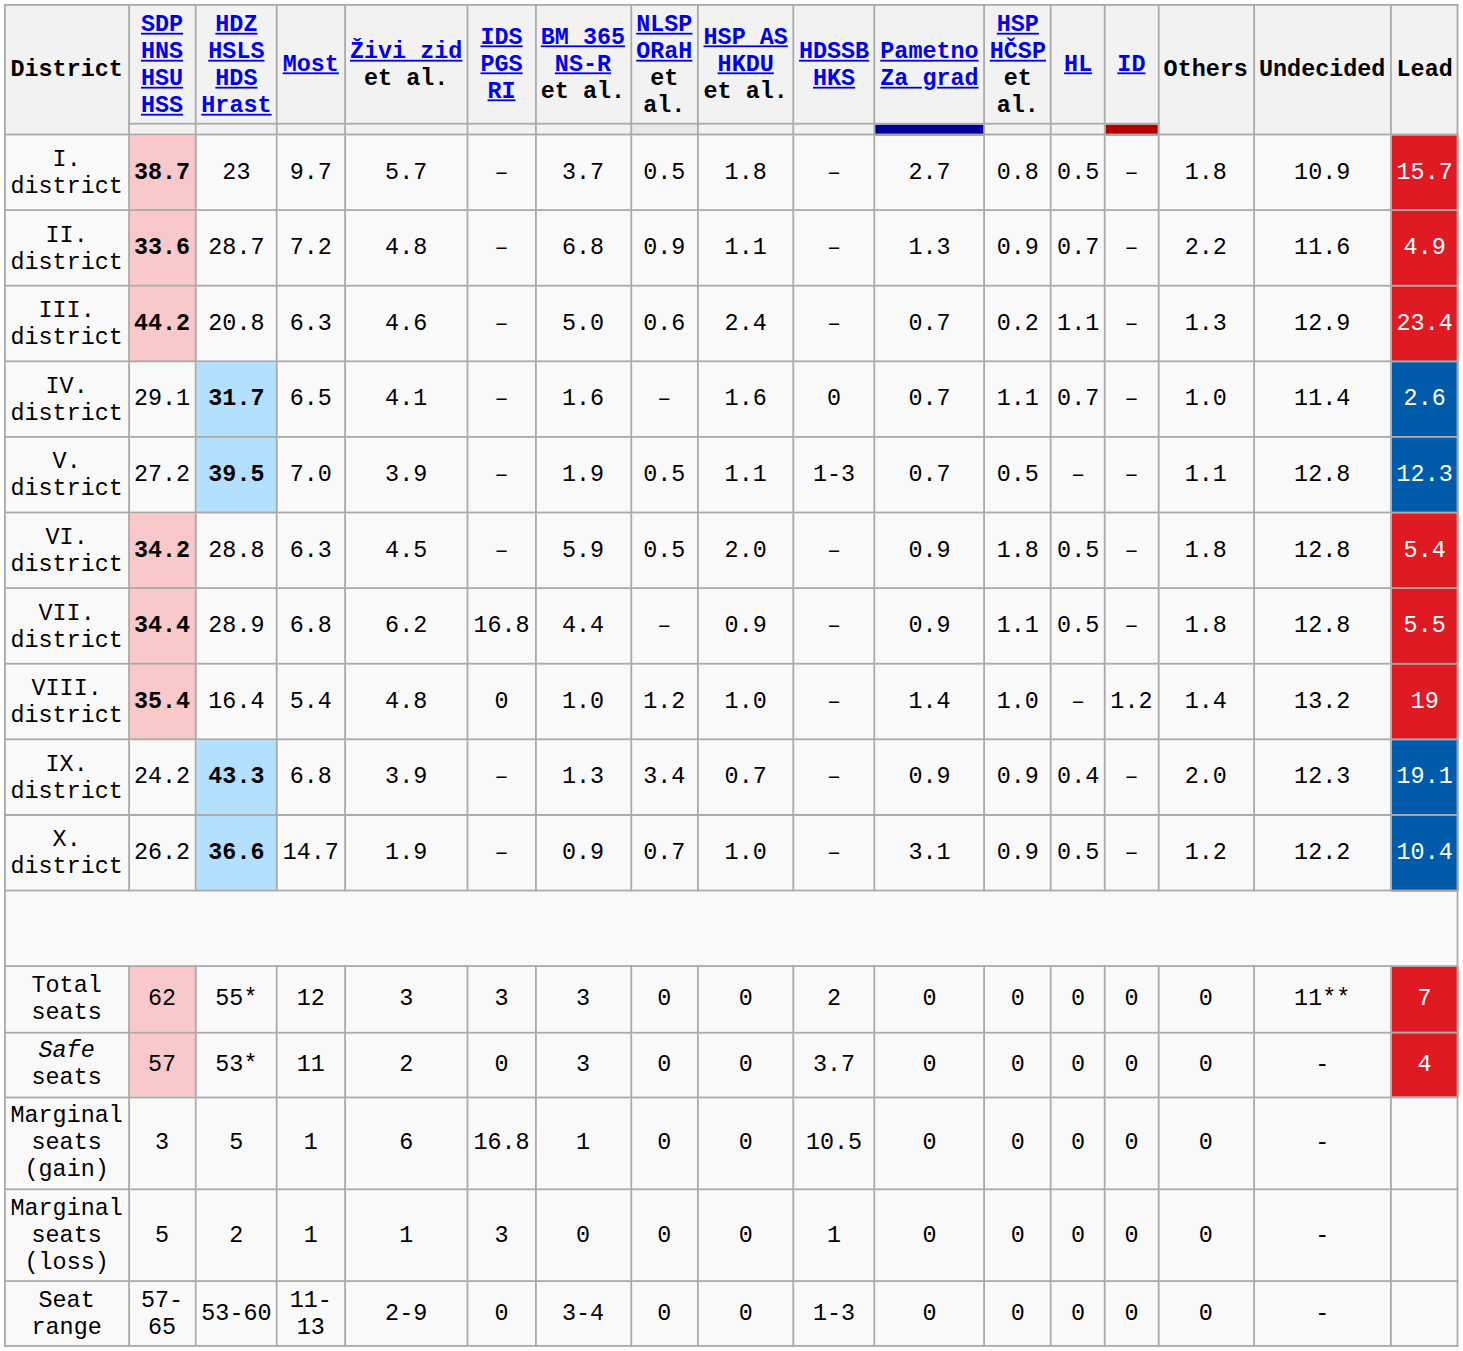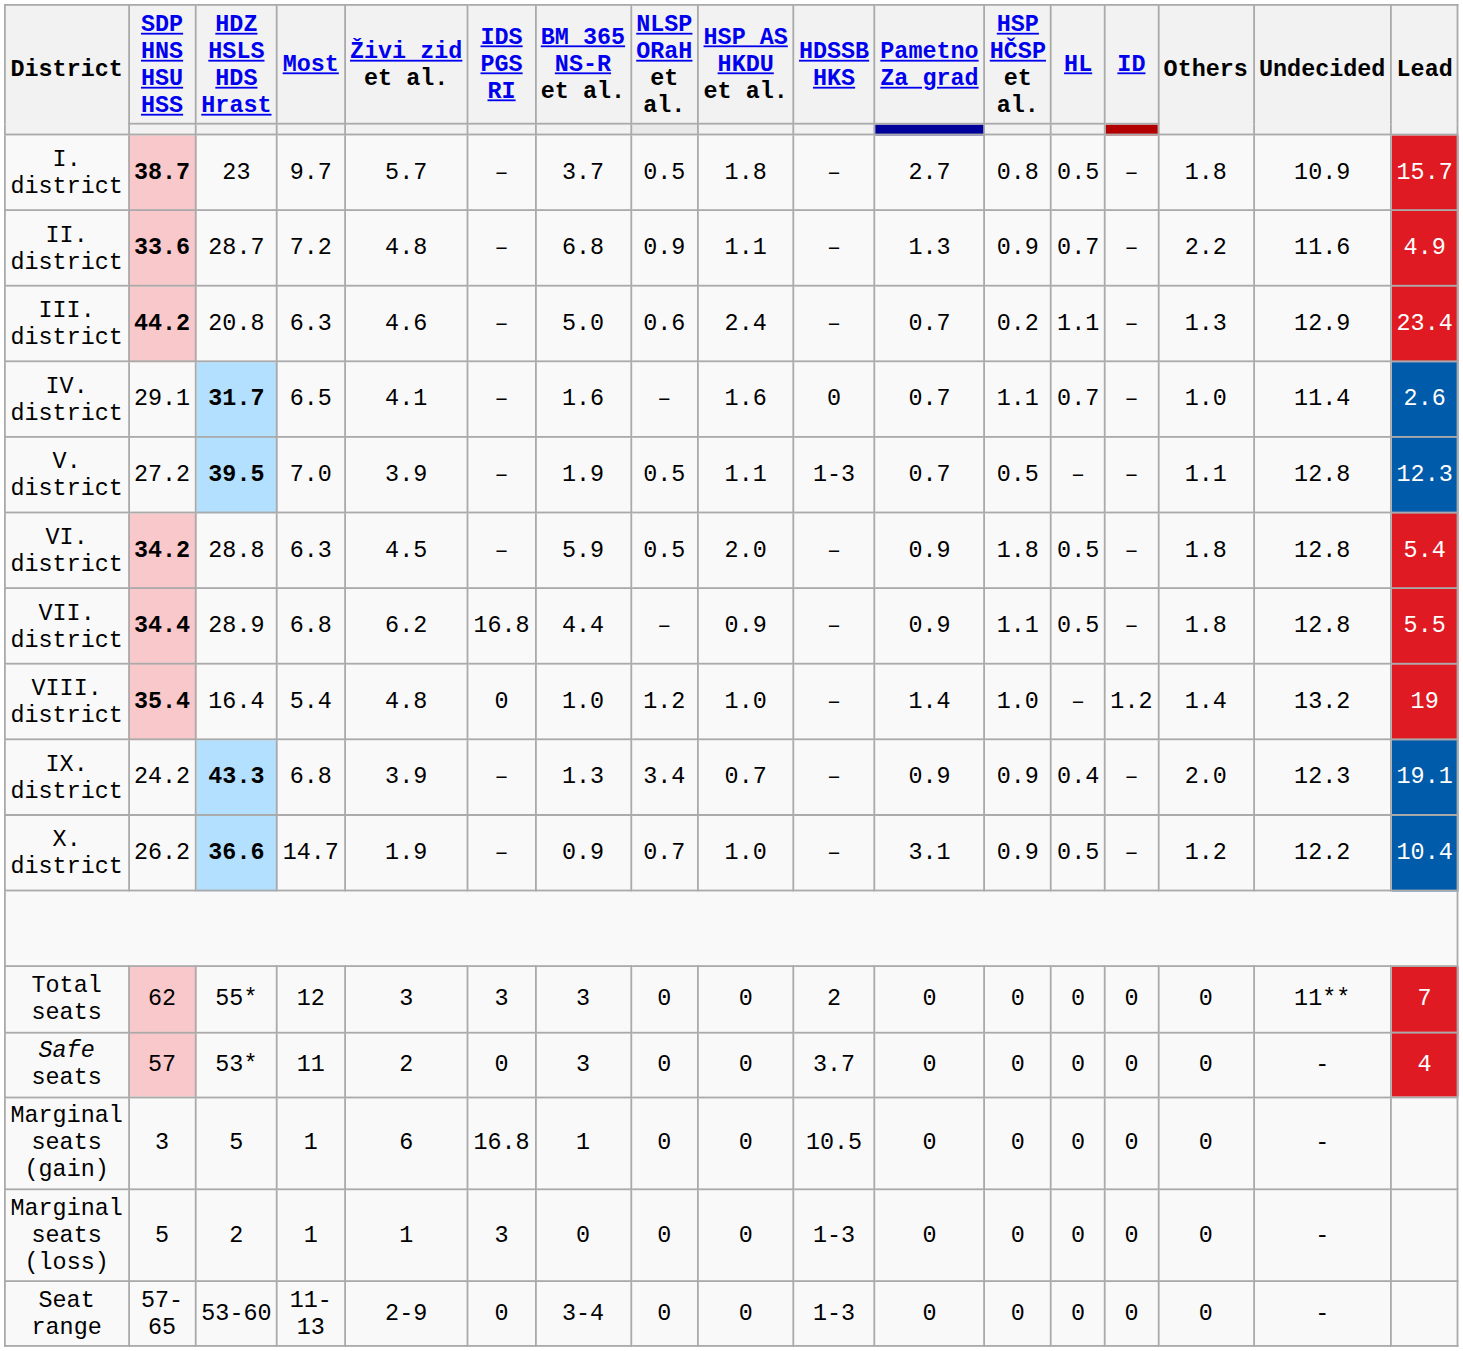 <table class="wikitable" style="text-align:center;">
 <tr style="height:42px;">
 <th style="width:150px;" rowspan="2">District</th>
 <th><a href='#'>SDP</a><br><a href='#'>HNS</a><br><a href='#'>HSU</a><br><a href='#'>HSS</a></th>
 <th><a href='#'>HDZ</a><br><a href='#'>HSLS</a><br><a href='#'>HDS</a><br><a href='#'>Hrast</a></th>
 <th><a href='#'>Most</a></th>
 <th><a href='#'>Živi zid</a><br>et al.</th>
 <th><a href='#'>IDS</a><br><a href='#'>PGS</a><br><a href='#'>RI</a></th>
 <th><a href='#'>BM 365</a><br><a href='#'>NS-R</a><br>et al.</th>
 <th><a href='#'>NLSP</a><br><a href='#'>ORaH</a><br>et al.</th>
 <th><a href='#'>HSP AS</a><br><a href='#'>HKDU</a><br>et al.</th>
 <th><a href='#'>HDSSB</a><br><a href='#'>HKS</a></th>
 <th><a href='#'>Pametno</a><br><a href='#'>Za grad</a></th>
 <th><a href='#'>HSP</a><br><a href='#'>HČSP</a><br>et al.</th>
 <th><a href='#'>HL</a></th>
 <th><a href='#'>ID</a></th>
 <th style="width:35px;" rowspan="2">Others</th>
 <th style="width:35px;" rowspan="2">Undecided</th>
 <th style="width:20px;" rowspan="2">Lead</th>
 </tr>
 <tr>
 <th style="background:"></th>
 <th style="background:"></th>
 <th style="background:"></th>
 <th style="background:"></th>
 <th style="background:"></th>
 <th style="background:"></th>
 <th style="background-color:#E9E9E9; width:50px;"></th>
 <th style="background:"></th>
 <th style="background:"></th>
 <th style="background-color:#00009a; width:50px;"></th>
 <th style="background:"></th>
 <th style="background:"></th>
 <th style="background-color:#b20000; width:50px;"></th>
 </tr>
 <tr style="height:42px;">
 <td>I. district</td>
 <td style="background:#F9C8CA"><strong>38.7</strong></td>
 <td>23</td>
 <td>9.7</td>
 <td>5.7</td>
 <td>–</td>
 <td>3.7</td>
 <td>0.5</td>
 <td>1.8</td>
 <td>–</td>
 <td>2.7</td>
 <td>0.8</td>
 <td>0.5</td>
 <td>–</td>
 <td>1.8</td>
 <td>10.9</td>
 <td style="background:#DF1A22; color:white;">15.7</td>
 </tr>
 <tr style="height:42px;">
 <td>II. district</td>
 <td style="background:#F9C8CA"><strong>33.6</strong></td>
 <td>28.7</td>
 <td>7.2</td>
 <td>4.8</td>
 <td>–</td>
 <td>6.8</td>
 <td>0.9</td>
 <td>1.1</td>
 <td>–</td>
 <td>1.3</td>
 <td>0.9</td>
 <td>0.7</td>
 <td>–</td>
 <td>2.2</td>
 <td>11.6</td>
 <td style="background:#DF1A22; color:white;">4.9</td>
 </tr>
 <tr style="height:42px;">
 <td>III. district</td>
 <td style="background:#F9C8CA"><strong>44.2</strong></td>
 <td>20.8</td>
 <td>6.3</td>
 <td>4.6</td>
 <td>–</td>
 <td>5.0</td>
 <td>0.6</td>
 <td>2.4</td>
 <td>–</td>
 <td>0.7</td>
 <td>0.2</td>
 <td>1.1</td>
 <td>–</td>
 <td>1.3</td>
 <td>12.9</td>
 <td style="background:#DF1A22; color:white;">23.4</td>
 </tr>
 <tr style="height:42px;">
 <td>IV. district</td>
 <td>29.1</td>
 <td style="background:#B3E0FF"><strong>31.7</strong></td>
 <td>6.5</td>
 <td>4.1</td>
 <td>–</td>
 <td>1.6</td>
 <td>–</td>
 <td>1.6</td>
 <td>0</td>
 <td>0.7</td>
 <td>1.1</td>
 <td>0.7</td>
 <td>–</td>
 <td>1.0</td>
 <td>11.4</td>
 <td style="background:#005BAA; color:white;">2.6</td>
 </tr>
 <tr style="height:42px;">
 <td>V. district</td>
 <td>27.2</td>
 <td style="background:#B3E0FF"><strong>39.5</strong></td>
 <td>7.0</td>
 <td>3.9</td>
 <td>–</td>
 <td>1.9</td>
 <td>0.5</td>
 <td>1.1</td>
 <td>1-3</td>
 <td>0.7</td>
 <td>0.5</td>
 <td>–</td>
 <td>–</td>
 <td>1.1</td>
 <td>12.8</td>
 <td style="background:#005BAA; color:white;">12.3</td>
 </tr>
 <tr style="height:42px;">
 <td>VI. district</td>
 <td style="background:#F9C8CA"><strong>34.2</strong></td>
 <td>28.8</td>
 <td>6.3</td>
 <td>4.5</td>
 <td>–</td>
 <td>5.9</td>
 <td>0.5</td>
 <td>2.0</td>
 <td>–</td>
 <td>0.9</td>
 <td>1.8</td>
 <td>0.5</td>
 <td>–</td>
 <td>1.8</td>
 <td>12.8</td>
 <td style="background:#DF1A22; color:white;">5.4</td>
 </tr>
 <tr style="height:42px;">
 <td>VII. district</td>
 <td style="background:#F9C8CA"><strong>34.4</strong></td>
 <td>28.9</td>
 <td>6.8</td>
 <td>6.2</td>
 <td>16.8</td>
 <td>4.4</td>
 <td>–</td>
 <td>0.9</td>
 <td>–</td>
 <td>0.9</td>
 <td>1.1</td>
 <td>0.5</td>
 <td>–</td>
 <td>1.8</td>
 <td>12.8</td>
 <td style="background:#DF1A22; color:white;">5.5</td>
 </tr>
 <tr style="height:42px;">
 <td>VIII. district</td>
 <td style="background:#F9C8CA"><strong>35.4</strong></td>
 <td>16.4</td>
 <td>5.4</td>
 <td>4.8</td>
 <td>0</td>
 <td>1.0</td>
 <td>1.2</td>
 <td>1.0</td>
 <td>–</td>
 <td>1.4</td>
 <td>1.0</td>
 <td>–</td>
 <td>1.2</td>
 <td>1.4</td>
 <td>13.2</td>
 <td style="background:#DF1A22; color:white;">19</td>
 </tr>
 <tr style="height:42px;">
 <td>IX. district</td>
 <td>24.2</td>
 <td style="background:#B3E0FF"><strong>43.3</strong></td>
 <td>6.8</td>
 <td>3.9</td>
 <td>–</td>
 <td>1.3</td>
 <td>3.4</td>
 <td>0.7</td>
 <td>–</td>
 <td>0.9</td>
 <td>0.9</td>
 <td>0.4</td>
 <td>–</td>
 <td>2.0</td>
 <td>12.3</td>
 <td style="background:#005BAA; color:white;">19.1</td>
 </tr>
 <tr>
 </tr>
 <tr style="height:42px;">
 <td>X. district</td>
 <td>26.2</td>
 <td style="background:#B3E0FF"><strong>36.6</strong></td>
 <td>14.7</td>
 <td>1.9</td>
 <td>–</td>
 <td>0.9</td>
 <td>0.7</td>
 <td>1.0</td>
 <td>–</td>
 <td>3.1</td>
 <td>0.9</td>
 <td>0.5</td>
 <td>–</td>
 <td>1.2</td>
 <td>12.2</td>
 <td style="background:#005BAA; color:white;">10.4</td>
 </tr>
 <tr style="height:42px;">
 </tr>
 <tr>
 <td>Total seats</td>
 <td style="background:#F9C8CA">62</td>
 <td>55*</td>
 <td>12</td>
 <td>3</td>
 <td>3</td>
 <td>3</td>
 <td>0</td>
 <td>0</td>
 <td>2</td>
 <td>0</td>
 <td>0</td>
 <td>0</td>
 <td>0</td>
 <td>0</td>
 <td>11**</td>
 <td style="background:#DF1A22; color:white;">7</td>
 </tr>
 <tr>
 <td><em>Safe</em> seats</td>
 <td style="background:#F9C8CA">57</td>
 <td>53*</td>
 <td>11</td>
 <td>2</td>
 <td>0</td>
 <td>3</td>
 <td>0</td>
 <td>0</td>
 <td>3.7</td>
 <td>0</td>
 <td>0</td>
 <td>0</td>
 <td>0</td>
 <td>0</td>
 <td>-</td>
 <td style="background:#DF1A22; color:white;">4</td>
 </tr>
 <tr>
 <td>Marginal seats (gain)</td>
 <td>3</td>
 <td>5</td>
 <td>1</td>
 <td>6</td>
 <td>16.8</td>
 <td>1</td>
 <td>0</td>
 <td>0</td>
 <td>10.5</td>
 <td>0</td>
 <td>0</td>
 <td>0</td>
 <td>0</td>
 <td>0</td>
 <td>-</td>
 <td style="background:; color:black;"></td>
 </tr>
 <tr>
 <td>Marginal seats (loss)</td>
 <td>5</td>
 <td>2</td>
 <td>1</td>
 <td>1</td>
 <td>3</td>
 <td>0</td>
 <td>0</td>
 <td>0</td>
-<td>1</td>
+<td>1-3</td>
 <td>0</td>
 <td>0</td>
 <td>0</td>
 <td>0</td>
 <td>0</td>
 <td>-</td>
 <td style="background:; color:black;"></td>
 </tr>
 <tr>
 <td>Seat range</td>
 <td>57-65</td>
 <td>53-60</td>
 <td>11-13</td>
 <td>2-9</td>
 <td>0</td>
 <td>3-4</td>
 <td>0</td>
 <td>0</td>
 <td>1-3</td>
 <td>0</td>
 <td>0</td>
 <td>0</td>
 <td>0</td>
 <td>0</td>
 <td>-</td>
 <td></td>
 </tr>
 </table>
